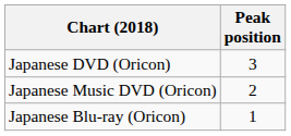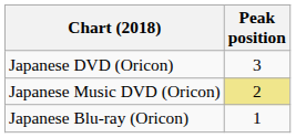 <table class="wikitable sortable">
 <tr>
 <th>Chart (2018)</th>
 <th>Peak<br>position</th>
 </tr>
 <tr>
 <td align="left">Japanese DVD (Oricon)</td>
 <td align="center">3</td>
 </tr>
 <tr>
 <td align="left">Japanese Music DVD (Oricon)</td>
-<td align="center">2</td>
+<td align="center" style="background: khaki;">2</td>
 </tr>
 <tr>
 <td align="left">Japanese Blu-ray (Oricon)</td>
 <td align="center">1</td>
 </tr>
 </table>
